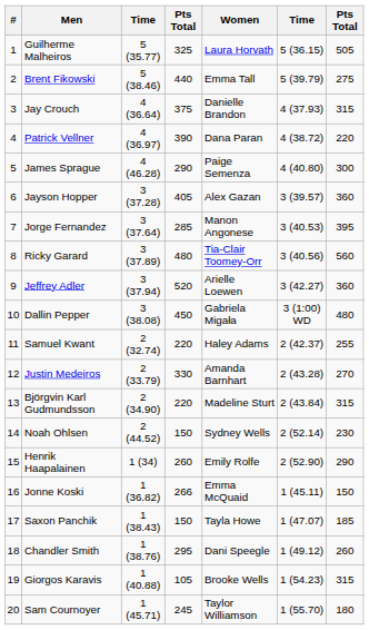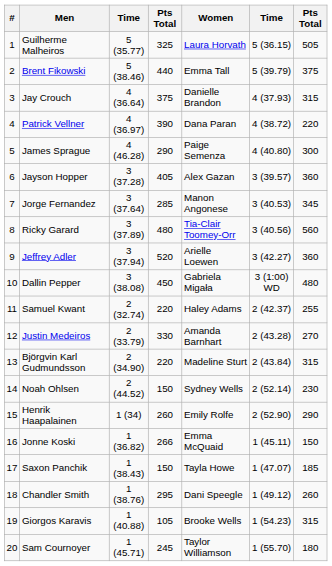 <table class="wikitable sortable" style="display: inline-table;width: 85%; text-align:center">
 <tr>
 <th>#</th>
 <th>Men</th>
 <th>Time</th>
 <th>Pts Total</th>
 <th>Women</th>
 <th>Time</th>
 <th>Pts Total</th>
 </tr>
 <tr>
 <td>1</td>
 <td align=left> Guilherme Malheiros</td>
 <td>5 (35.77)</td>
 <td>325</td>
 <td align=left> <a href='#'>Laura Horvath</a></td>
 <td>5 (36.15)</td>
 <td>505</td>
 </tr>
 <tr>
 <td>2</td>
 <td align=left> <a href='#'>Brent Fikowski</a></td>
 <td>5 (38.46)</td>
 <td>440</td>
 <td align=left> Emma Tall</td>
 <td>5 (39.79)</td>
-<td>275</td>
+<td>375</td>
 </tr>
 <tr>
 <td>3</td>
 <td align=left> Jay Crouch</td>
 <td>4 (36.64)</td>
 <td>375</td>
 <td align=left> Danielle Brandon</td>
 <td>4 (37.93)</td>
 <td>315</td>
 </tr>
 <tr>
 <td>4</td>
 <td align=left> <a href='#'>Patrick Vellner</a></td>
 <td>4 (36.97)</td>
 <td>390</td>
 <td align=left> Dana Paran</td>
 <td>4 (38.72)</td>
 <td>220</td>
 </tr>
 <tr>
 <td>5</td>
 <td align=left> James Sprague</td>
 <td>4 (46.28)</td>
 <td>290</td>
 <td align=left> Paige Semenza</td>
 <td>4 (40.80)</td>
 <td>300</td>
 </tr>
 <tr>
 <td>6</td>
 <td align=left> Jayson Hopper</td>
 <td>3 (37.28)</td>
 <td>405</td>
 <td align=left> Alex Gazan</td>
 <td>3 (39.57)</td>
 <td>360</td>
 </tr>
 <tr>
 <td>7</td>
 <td align=left> Jorge Fernandez</td>
 <td>3 (37.64)</td>
 <td>285</td>
 <td align=left> Manon Angonese</td>
 <td>3 (40.53)</td>
-<td>395</td>
+<td>345</td>
 </tr>
 <tr>
 <td>8</td>
 <td align=left> Ricky Garard</td>
 <td>3 (37.89)</td>
 <td>480</td>
 <td align=left> <a href='#'>Tia-Clair Toomey-Orr</a></td>
 <td>3 (40.56)</td>
 <td>560</td>
 </tr>
 <tr>
 <td>9</td>
 <td align=left> <a href='#'>Jeffrey Adler</a></td>
 <td>3 (37.94)</td>
 <td>520</td>
 <td align=left> Arielle Loewen</td>
 <td>3 (42.27)</td>
 <td>360</td>
 </tr>
 <tr>
 <td>10</td>
 <td align=left> Dallin Pepper</td>
 <td>3 (38.08)</td>
 <td>450</td>
 <td align=left> Gabriela Migała</td>
 <td>3 (1:00) WD</td>
 <td>480</td>
 </tr>
 <tr>
 <td>11</td>
 <td align=left> Samuel Kwant</td>
 <td>2 (32.74)</td>
 <td>220</td>
 <td align=left> Haley Adams</td>
 <td>2 (42.37)</td>
 <td>255</td>
 </tr>
 <tr>
 <td>12</td>
 <td align=left> <a href='#'>Justin Medeiros</a></td>
 <td>2 (33.79)</td>
 <td>330</td>
 <td align=left> Amanda Barnhart</td>
 <td>2 (43.28)</td>
 <td>270</td>
 </tr>
 <tr>
 <td>13</td>
 <td align=left> Björgvin Karl Gudmundsson</td>
 <td>2 (34.90)</td>
 <td>220</td>
 <td align=left> Madeline Sturt</td>
 <td>2 (43.84)</td>
 <td>315</td>
 </tr>
 <tr>
 <td>14</td>
 <td align=left> Noah Ohlsen</td>
 <td>2 (44.52)</td>
 <td>150</td>
 <td align=left> Sydney Wells</td>
 <td>2 (52.14)</td>
 <td>230</td>
 </tr>
 <tr>
 <td>15</td>
 <td align=left> Henrik Haapalainen</td>
 <td>1 (34)</td>
 <td>260</td>
 <td align=left> Emily Rolfe</td>
 <td>2 (52.90)</td>
 <td>290</td>
 </tr>
 <tr>
 <td>16</td>
 <td align=left> Jonne Koski</td>
 <td>1 (36.82)</td>
 <td>266</td>
 <td align=left> Emma McQuaid</td>
 <td>1 (45.11)</td>
 <td>150</td>
 </tr>
 <tr>
 <td>17</td>
 <td align=left> Saxon Panchik</td>
 <td>1 (38.43)</td>
 <td>150</td>
 <td align=left> Tayla Howe</td>
 <td>1 (47.07)</td>
 <td>185</td>
 </tr>
 <tr>
 <td>18</td>
 <td align=left> Chandler Smith</td>
 <td>1 (38.76)</td>
 <td>295</td>
 <td align=left> Dani Speegle</td>
 <td>1 (49.12)</td>
 <td>260</td>
 </tr>
 <tr>
 <td>19</td>
 <td align=left> Giorgos Karavis</td>
 <td>1 (40.88)</td>
 <td>105</td>
 <td align=left> Brooke Wells</td>
 <td>1 (54.23)</td>
 <td>315</td>
 </tr>
 <tr>
 <td>20</td>
 <td align=left> Sam Cournoyer</td>
 <td>1 (45.71)</td>
 <td>245</td>
 <td align=left> Taylor Williamson</td>
 <td>1 (55.70)</td>
 <td>180</td>
 </tr>
 </table>
